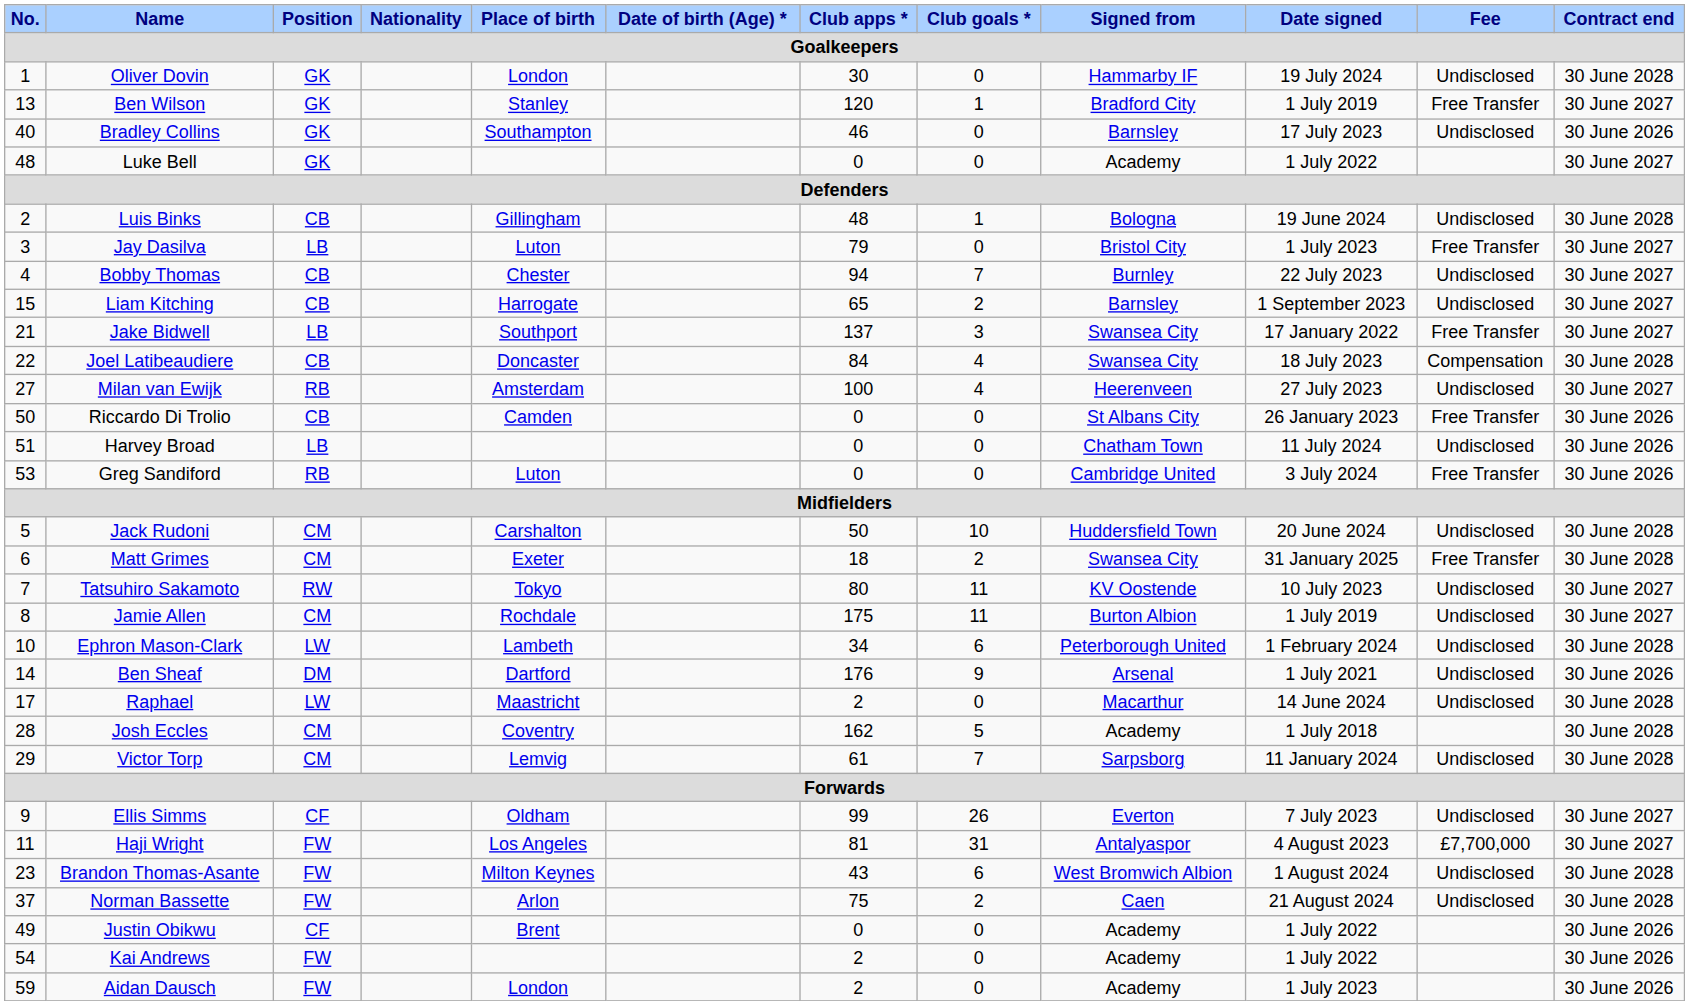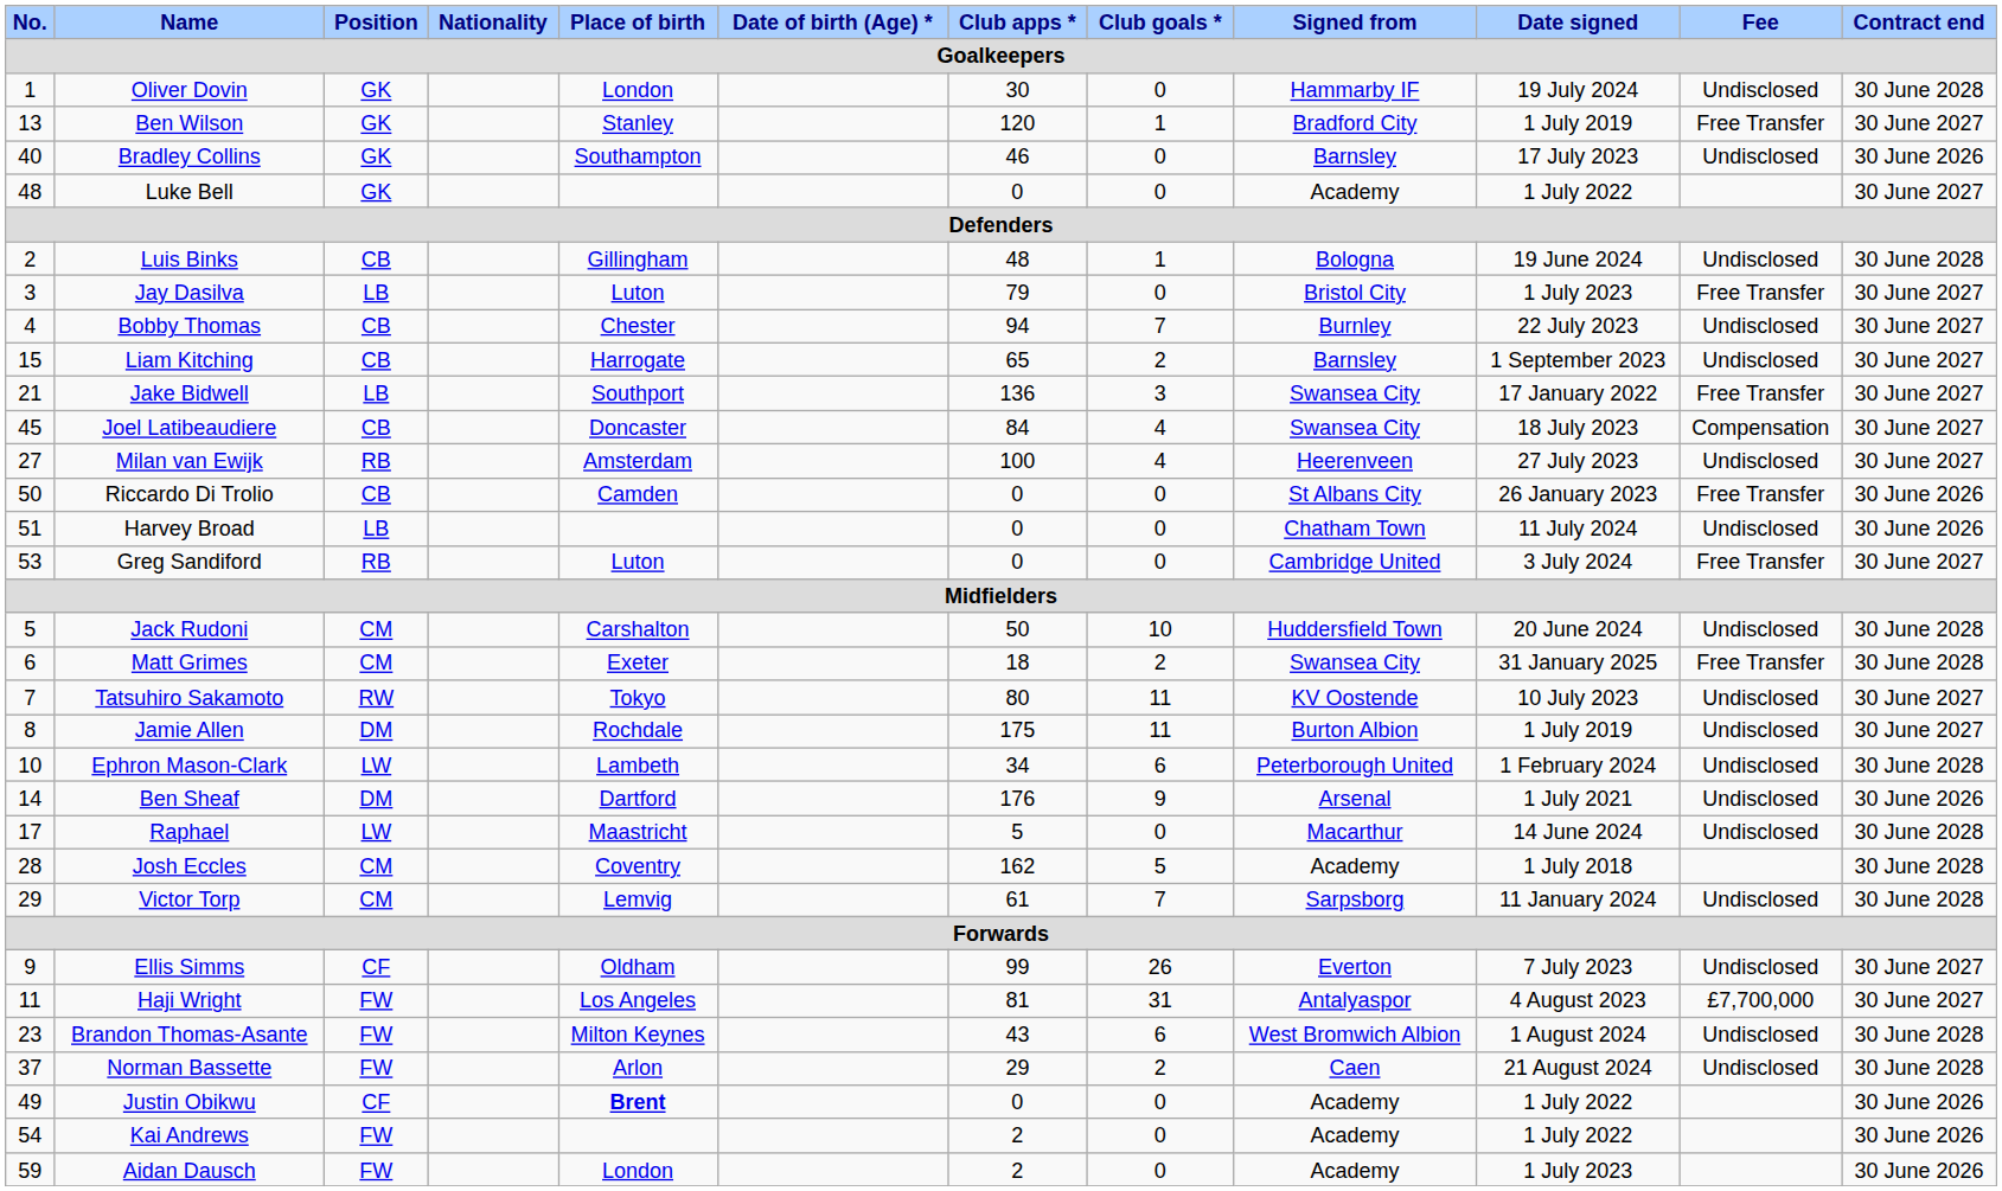 <table class="wikitable" style="text-align:center; font-size:84.5%; width:100%;">
 <tr>
 <th style="background:#AAD0FF; color:#000080; ">No.</th>
 <th style="background:#AAD0FF; color:#000080; ">Name</th>
 <th style="background:#AAD0FF; color:#000080; ">Position</th>
 <th style="background:#AAD0FF; color:#000080; ">Nationality</th>
 <th style="background:#AAD0FF; color:#000080; ">Place of birth</th>
 <th style="background:#AAD0FF; color:#000080; ">Date of birth (Age) *</th>
 <th style="background:#AAD0FF; color:#000080; ">Club apps *</th>
 <th style="background:#AAD0FF; color:#000080; ">Club goals *</th>
 <th style="background:#AAD0FF; color:#000080; ">Signed from</th>
 <th style="background:#AAD0FF; color:#000080; ">Date signed</th>
 <th style="background:#AAD0FF; color:#000080; ">Fee</th>
 <th style="background:#AAD0FF; color:#000080; ">Contract end</th>
 </tr>
 <tr>
 <th colspan="14" style="background:#dcdcdc; tepxt-align:center;">Goalkeepers</th>
 </tr>
 <tr>
 <td>1</td>
 <td><a href='#'>Oliver Dovin</a></td>
 <td><a href='#'>GK</a></td>
 <td></td>
 <td><a href='#'>London</a></td>
 <td></td>
 <td>30</td>
 <td>0</td>
 <td><a href='#'>Hammarby IF</a></td>
 <td>19 July 2024</td>
 <td>Undisclosed</td>
 <td>30 June 2028</td>
 </tr>
 <tr>
 <td>13</td>
 <td><a href='#'>Ben Wilson</a></td>
 <td><a href='#'>GK</a></td>
 <td></td>
 <td><a href='#'>Stanley</a></td>
 <td></td>
 <td>120</td>
 <td>1</td>
 <td><a href='#'>Bradford City</a></td>
 <td>1 July 2019</td>
 <td>Free Transfer</td>
 <td>30 June 2027</td>
 </tr>
 <tr>
 <td>40</td>
 <td><a href='#'>Bradley Collins</a></td>
 <td><a href='#'>GK</a></td>
 <td></td>
 <td><a href='#'>Southampton</a></td>
 <td></td>
 <td>46</td>
 <td>0</td>
 <td><a href='#'>Barnsley</a></td>
 <td>17 July 2023</td>
 <td>Undisclosed</td>
 <td>30 June 2026</td>
 </tr>
 <tr>
 <td>48</td>
 <td>Luke Bell</td>
 <td><a href='#'>GK</a></td>
 <td></td>
 <td></td>
 <td></td>
 <td>0</td>
 <td>0</td>
 <td>Academy</td>
 <td>1 July 2022</td>
 <td></td>
 <td>30 June 2027</td>
 </tr>
 <tr>
 <th colspan="14" style="background:#dcdcdc; tepxt-align:center;">Defenders</th>
 </tr>
 <tr>
 <td>2</td>
 <td><a href='#'>Luis Binks</a></td>
 <td><a href='#'>CB</a></td>
 <td></td>
 <td><a href='#'>Gillingham</a></td>
 <td></td>
 <td>48</td>
 <td>1</td>
 <td><a href='#'>Bologna</a></td>
 <td>19 June 2024</td>
 <td>Undisclosed</td>
 <td>30 June 2028</td>
 </tr>
 <tr>
 <td>3</td>
 <td><a href='#'>Jay Dasilva</a></td>
 <td><a href='#'>LB</a></td>
 <td></td>
 <td><a href='#'>Luton</a></td>
 <td></td>
 <td>79</td>
 <td>0</td>
 <td><a href='#'>Bristol City</a></td>
 <td>1 July 2023</td>
 <td>Free Transfer</td>
 <td>30 June 2027</td>
 </tr>
 <tr>
 <td>4</td>
 <td><a href='#'>Bobby Thomas</a></td>
 <td><a href='#'>CB</a></td>
 <td></td>
 <td><a href='#'>Chester</a></td>
 <td></td>
 <td>94</td>
 <td>7</td>
 <td><a href='#'>Burnley</a></td>
 <td>22 July 2023</td>
 <td>Undisclosed</td>
 <td>30 June 2027</td>
 </tr>
 <tr>
 <td>15</td>
 <td><a href='#'>Liam Kitching</a></td>
 <td><a href='#'>CB</a></td>
 <td></td>
 <td><a href='#'>Harrogate</a></td>
 <td></td>
 <td>65</td>
 <td>2</td>
 <td><a href='#'>Barnsley</a></td>
 <td>1 September 2023</td>
 <td>Undisclosed</td>
 <td>30 June 2027</td>
 </tr>
 <tr>
 <td>21</td>
 <td><a href='#'>Jake Bidwell</a></td>
 <td><a href='#'>LB</a></td>
 <td></td>
 <td><a href='#'>Southport</a></td>
 <td></td>
-<td>137</td>
+<td>136</td>
 <td>3</td>
 <td><a href='#'>Swansea City</a></td>
 <td>17 January 2022</td>
 <td>Free Transfer</td>
 <td>30 June 2027</td>
 </tr>
 <tr>
-<td>22</td>
+<td>45</td>
 <td><a href='#'>Joel Latibeaudiere</a></td>
 <td><a href='#'>CB</a></td>
 <td></td>
 <td><a href='#'>Doncaster</a></td>
 <td></td>
 <td>84</td>
 <td>4</td>
 <td><a href='#'>Swansea City</a></td>
 <td>18 July 2023</td>
 <td>Compensation</td>
-<td>30 June 2028</td>
+<td>30 June 2027</td>
 </tr>
 <tr>
 <td>27</td>
 <td><a href='#'>Milan van Ewijk</a></td>
 <td><a href='#'>RB</a></td>
 <td></td>
 <td><a href='#'>Amsterdam</a></td>
 <td></td>
 <td>100</td>
 <td>4</td>
 <td><a href='#'>Heerenveen</a></td>
 <td>27 July 2023</td>
 <td>Undisclosed</td>
 <td>30 June 2027</td>
 </tr>
 <tr>
 <td>50</td>
 <td>Riccardo Di Trolio</td>
 <td><a href='#'>CB</a></td>
 <td></td>
 <td><a href='#'>Camden</a></td>
 <td></td>
 <td>0</td>
 <td>0</td>
 <td><a href='#'>St Albans City</a></td>
 <td>26 January 2023</td>
 <td>Free Transfer</td>
 <td>30 June 2026</td>
 </tr>
 <tr>
 <td>51</td>
 <td>Harvey Broad</td>
 <td><a href='#'>LB</a></td>
 <td></td>
 <td></td>
 <td></td>
 <td>0</td>
 <td>0</td>
 <td><a href='#'>Chatham Town</a></td>
 <td>11 July 2024</td>
 <td>Undisclosed</td>
 <td>30 June 2026</td>
 </tr>
 <tr>
 <td>53</td>
 <td>Greg Sandiford</td>
 <td><a href='#'>RB</a></td>
 <td></td>
 <td><a href='#'>Luton</a></td>
 <td></td>
 <td>0</td>
 <td>0</td>
 <td><a href='#'>Cambridge United</a></td>
 <td>3 July 2024</td>
 <td>Free Transfer</td>
-<td>30 June 2026</td>
+<td>30 June 2027</td>
 </tr>
 <tr>
 <th colspan="14" style="background:#dcdcdc; tepxt-align:center;">Midfielders</th>
 </tr>
 <tr>
 <td>5</td>
 <td><a href='#'>Jack Rudoni</a></td>
 <td><a href='#'>CM</a></td>
 <td></td>
 <td><a href='#'>Carshalton</a></td>
 <td></td>
 <td>50</td>
 <td>10</td>
 <td><a href='#'>Huddersfield Town</a></td>
 <td>20 June 2024</td>
 <td>Undisclosed</td>
 <td>30 June 2028</td>
 </tr>
 <tr>
 <td>6</td>
 <td><a href='#'>Matt Grimes</a></td>
 <td><a href='#'>CM</a></td>
 <td></td>
 <td><a href='#'>Exeter</a></td>
 <td></td>
 <td>18</td>
 <td>2</td>
 <td><a href='#'>Swansea City</a></td>
 <td>31 January 2025</td>
 <td>Free Transfer</td>
 <td>30 June 2028</td>
 </tr>
 <tr>
 <td>7</td>
 <td><a href='#'>Tatsuhiro Sakamoto</a></td>
 <td><a href='#'>RW</a></td>
 <td></td>
 <td><a href='#'>Tokyo</a></td>
 <td></td>
 <td>80</td>
 <td>11</td>
 <td><a href='#'>KV Oostende</a></td>
 <td>10 July 2023</td>
 <td>Undisclosed</td>
 <td>30 June 2027</td>
 </tr>
 <tr>
 <td>8</td>
 <td><a href='#'>Jamie Allen</a></td>
-<td><a href='#'>CM</a></td>
+<td><a href='#'>DM</a></td>
 <td></td>
 <td><a href='#'>Rochdale</a></td>
 <td></td>
 <td>175</td>
 <td>11</td>
 <td><a href='#'>Burton Albion</a></td>
 <td>1 July 2019</td>
 <td>Undisclosed</td>
 <td>30 June 2027</td>
 </tr>
 <tr>
 <td>10</td>
 <td><a href='#'>Ephron Mason-Clark</a></td>
 <td><a href='#'>LW</a></td>
 <td></td>
 <td><a href='#'>Lambeth</a></td>
 <td></td>
 <td>34</td>
 <td>6</td>
 <td><a href='#'>Peterborough United</a></td>
 <td>1 February 2024</td>
 <td>Undisclosed</td>
 <td>30 June 2028</td>
 </tr>
 <tr>
 <td>14</td>
 <td><a href='#'>Ben Sheaf</a></td>
 <td><a href='#'>DM</a></td>
 <td></td>
 <td><a href='#'>Dartford</a></td>
 <td></td>
 <td>176</td>
 <td>9</td>
 <td><a href='#'>Arsenal</a></td>
 <td>1 July 2021</td>
 <td>Undisclosed</td>
 <td>30 June 2026</td>
 </tr>
 <tr>
 <td>17</td>
 <td><a href='#'>Raphael</a></td>
 <td><a href='#'>LW</a></td>
 <td> </td>
 <td><a href='#'>Maastricht</a></td>
 <td></td>
-<td>2</td>
+<td>5</td>
 <td>0</td>
 <td><a href='#'>Macarthur</a></td>
 <td>14 June 2024</td>
 <td>Undisclosed</td>
 <td>30 June 2028</td>
 </tr>
 <tr>
 <td>28</td>
 <td><a href='#'>Josh Eccles</a></td>
 <td><a href='#'>CM</a></td>
 <td></td>
 <td><a href='#'>Coventry</a></td>
 <td></td>
 <td>162</td>
 <td>5</td>
 <td>Academy</td>
 <td>1 July 2018</td>
 <td></td>
 <td>30 June 2028</td>
 </tr>
 <tr>
 <td>29</td>
 <td><a href='#'>Victor Torp</a></td>
 <td><a href='#'>CM</a></td>
 <td></td>
 <td><a href='#'>Lemvig</a></td>
 <td></td>
 <td>61</td>
 <td>7</td>
 <td><a href='#'>Sarpsborg</a></td>
 <td>11 January 2024</td>
 <td>Undisclosed</td>
 <td>30 June 2028</td>
 </tr>
 <tr>
 <th colspan="14" style="background:#dcdcdc; tepxt-align:center;">Forwards</th>
 </tr>
 <tr>
 <td>9</td>
 <td><a href='#'>Ellis Simms</a></td>
 <td><a href='#'>CF</a></td>
 <td></td>
 <td><a href='#'>Oldham</a></td>
 <td></td>
 <td>99</td>
 <td>26</td>
 <td><a href='#'>Everton</a></td>
 <td>7 July 2023</td>
 <td>Undisclosed</td>
 <td>30 June 2027</td>
 </tr>
 <tr>
 <td>11</td>
 <td><a href='#'>Haji Wright</a></td>
 <td><a href='#'>FW</a></td>
 <td></td>
 <td><a href='#'>Los Angeles</a></td>
 <td></td>
 <td>81</td>
 <td>31</td>
 <td><a href='#'>Antalyaspor</a></td>
 <td>4 August 2023</td>
 <td>£7,700,000</td>
 <td>30 June 2027</td>
 </tr>
 <tr>
 <td>23</td>
 <td><a href='#'>Brandon Thomas-Asante</a></td>
 <td><a href='#'>FW</a></td>
 <td> </td>
 <td><a href='#'>Milton Keynes</a></td>
 <td></td>
 <td>43</td>
 <td>6</td>
 <td><a href='#'>West Bromwich Albion</a></td>
 <td>1 August 2024</td>
 <td>Undisclosed</td>
 <td>30 June 2028</td>
 </tr>
 <tr>
 <td>37</td>
 <td><a href='#'>Norman Bassette</a></td>
 <td><a href='#'>FW</a></td>
 <td></td>
 <td><a href='#'>Arlon</a></td>
 <td></td>
-<td>75</td>
+<td>29</td>
 <td>2</td>
 <td><a href='#'>Caen</a></td>
 <td>21 August 2024</td>
 <td>Undisclosed</td>
 <td>30 June 2028</td>
 </tr>
 <tr>
 <td>49</td>
 <td><a href='#'>Justin Obikwu</a></td>
 <td><a href='#'>CF</a></td>
 <td> </td>
-<td><a href='#'>Brent</a></td>
+<td><strong><a href='#'>Brent</a></strong></td>
 <td></td>
 <td>0</td>
 <td>0</td>
 <td>Academy</td>
 <td>1 July 2022</td>
 <td></td>
 <td>30 June 2026</td>
 </tr>
 <tr>
 <td>54</td>
 <td><a href='#'>Kai Andrews</a></td>
 <td><a href='#'>FW</a></td>
 <td></td>
 <td></td>
 <td></td>
 <td>2</td>
 <td>0</td>
 <td>Academy</td>
 <td>1 July 2022</td>
 <td></td>
 <td>30 June 2026</td>
 </tr>
 <tr>
 <td>59</td>
 <td><a href='#'>Aidan Dausch</a></td>
 <td><a href='#'>FW</a></td>
 <td></td>
 <td><a href='#'>London</a></td>
 <td></td>
 <td>2</td>
 <td>0</td>
 <td>Academy</td>
 <td>1 July 2023</td>
 <td></td>
 <td>30 June 2026</td>
 </tr>
 </table>
